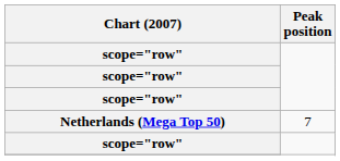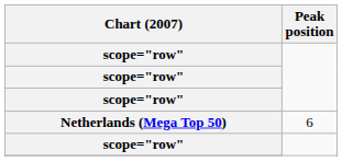 <table class="wikitable sortable plainrowheaders">
 <tr>
 <th scope="col" style="width:19em;">Chart (2007)</th>
 <th scope="col">Peak<br>position</th>
 </tr>
 <tr>
 <th>scope="row" </th>
 </tr>
 <tr>
 <th>scope="row" </th>
 </tr>
 <tr>
 <th>scope="row" </th>
 </tr>
 <tr>
 <th scope="row">Netherlands (<a href='#'>Mega Top 50</a>)</th>
-<td style="text-align:center;">7</td>
+<td style="text-align:center;">6</td>
 </tr>
 <tr>
 <th>scope="row" </th>
 </tr>
 <tr>
 </tr>
 </table>
